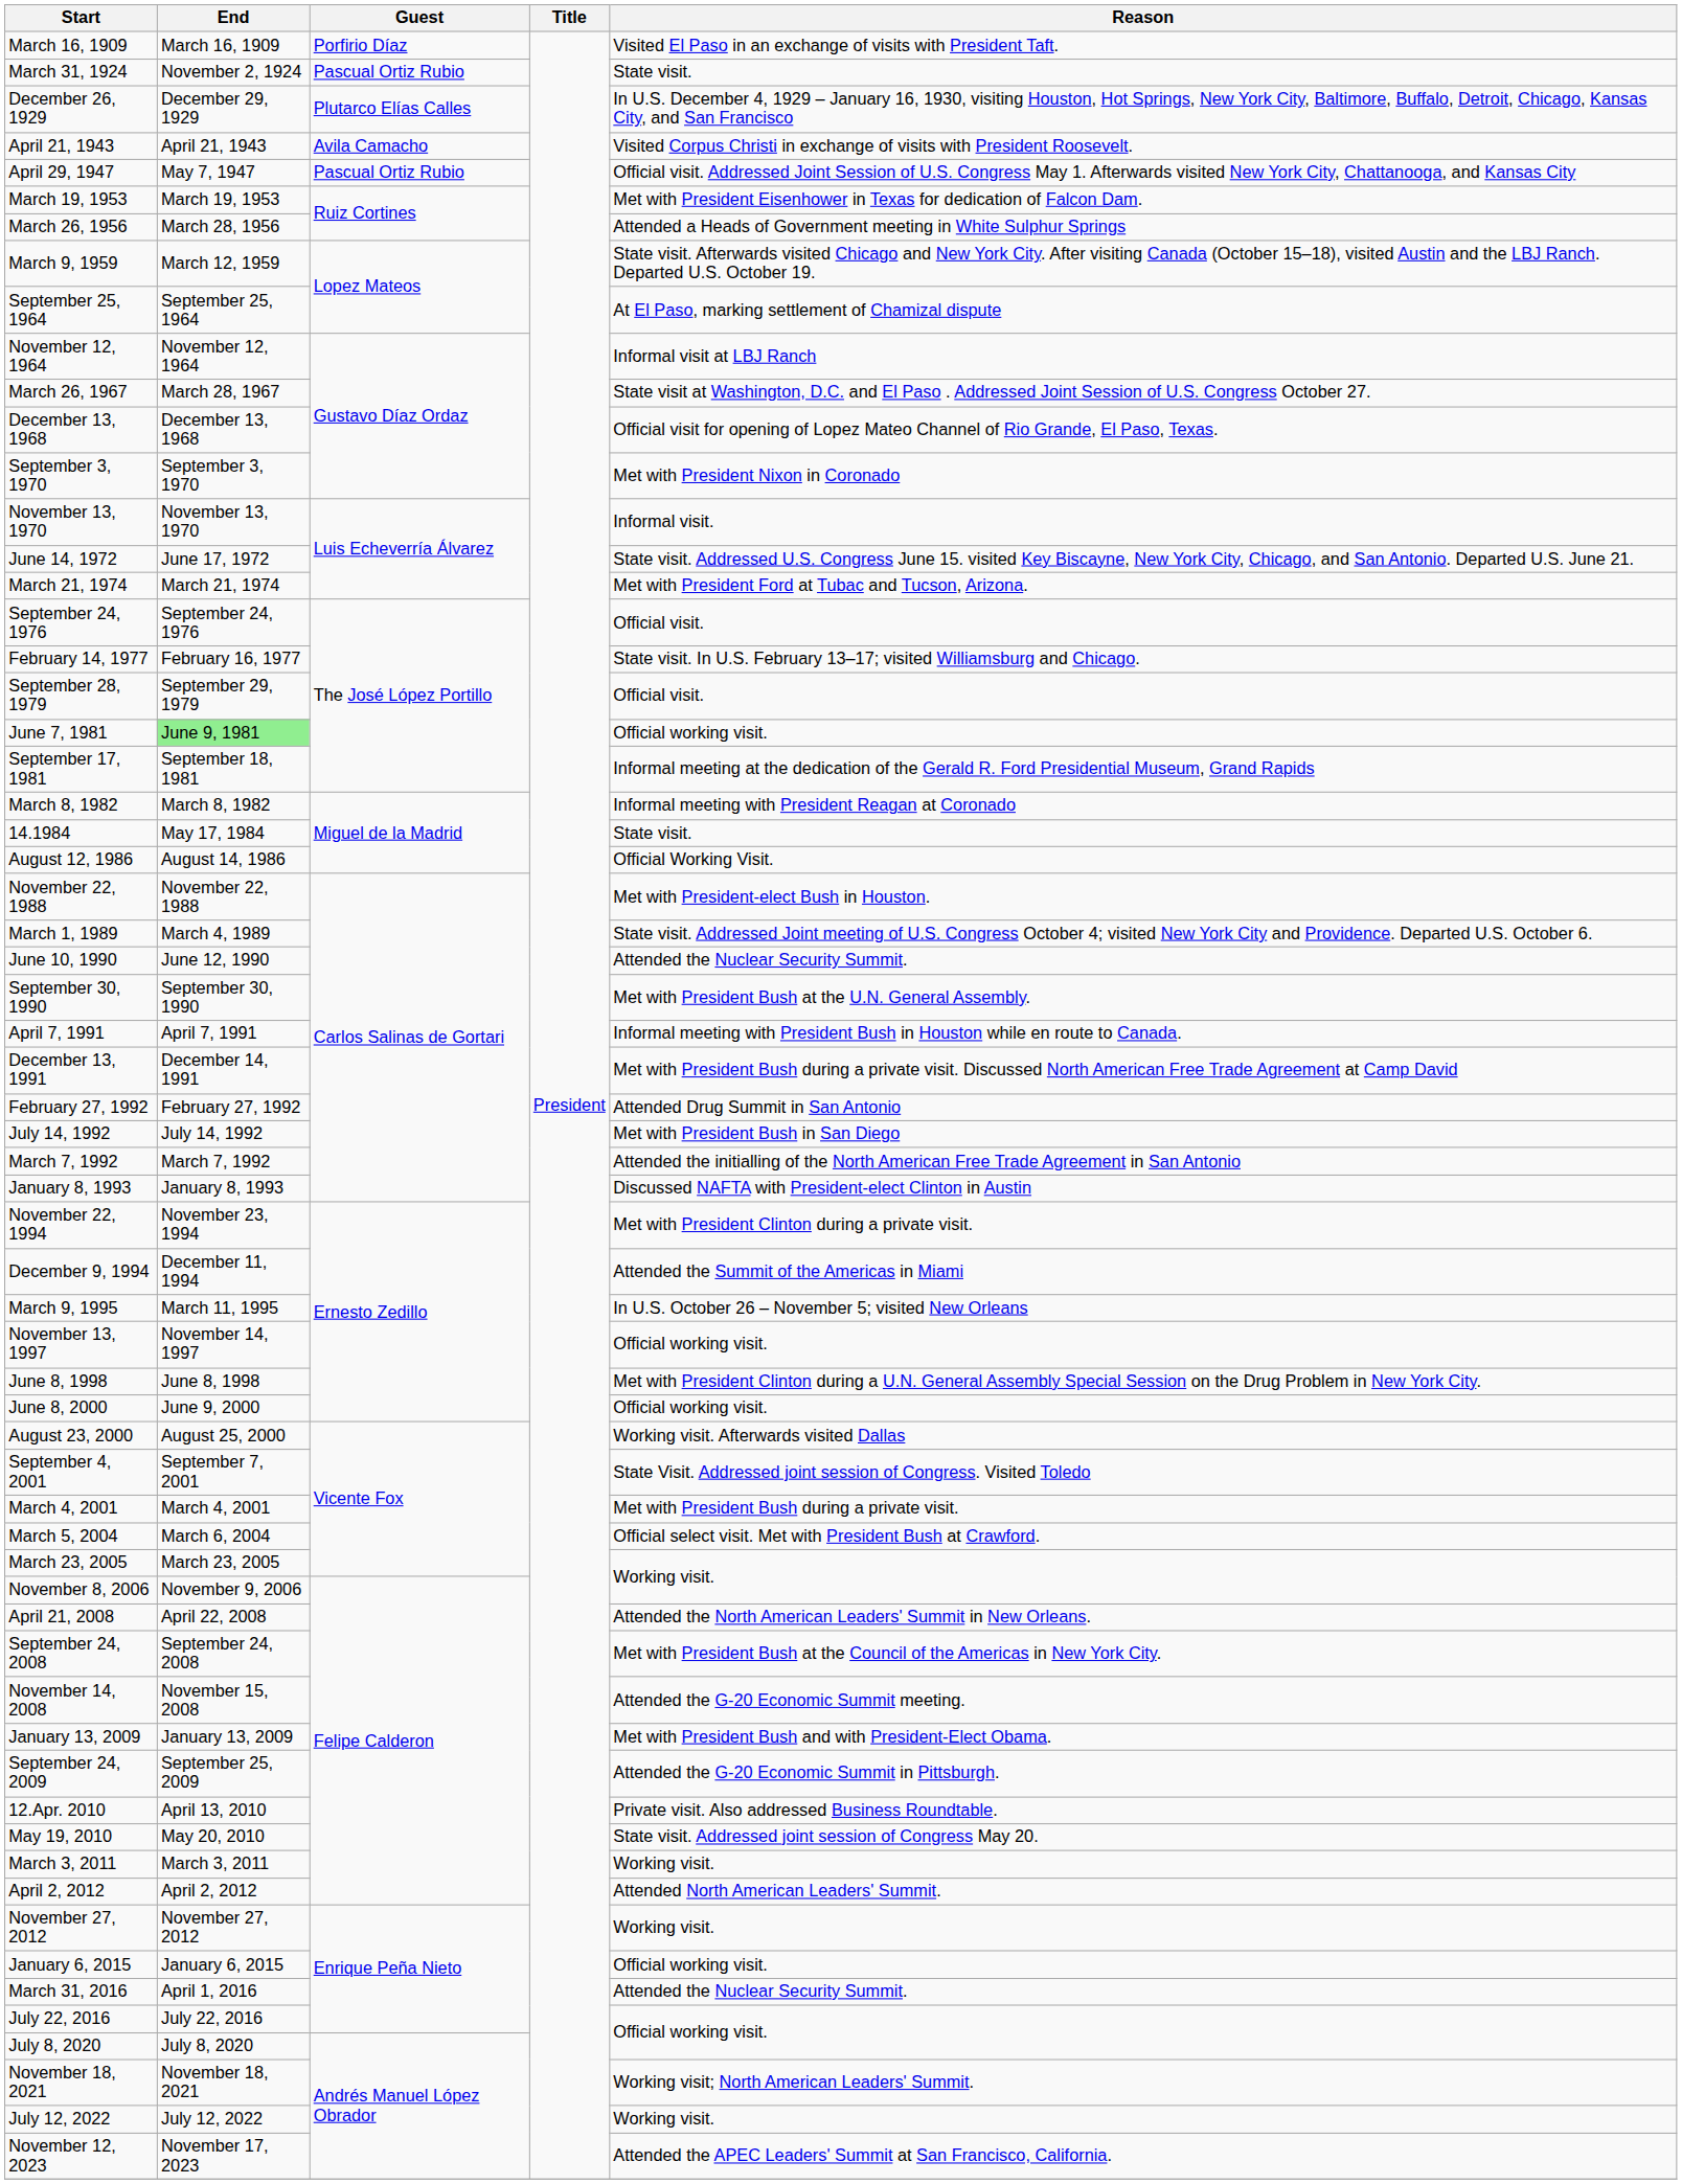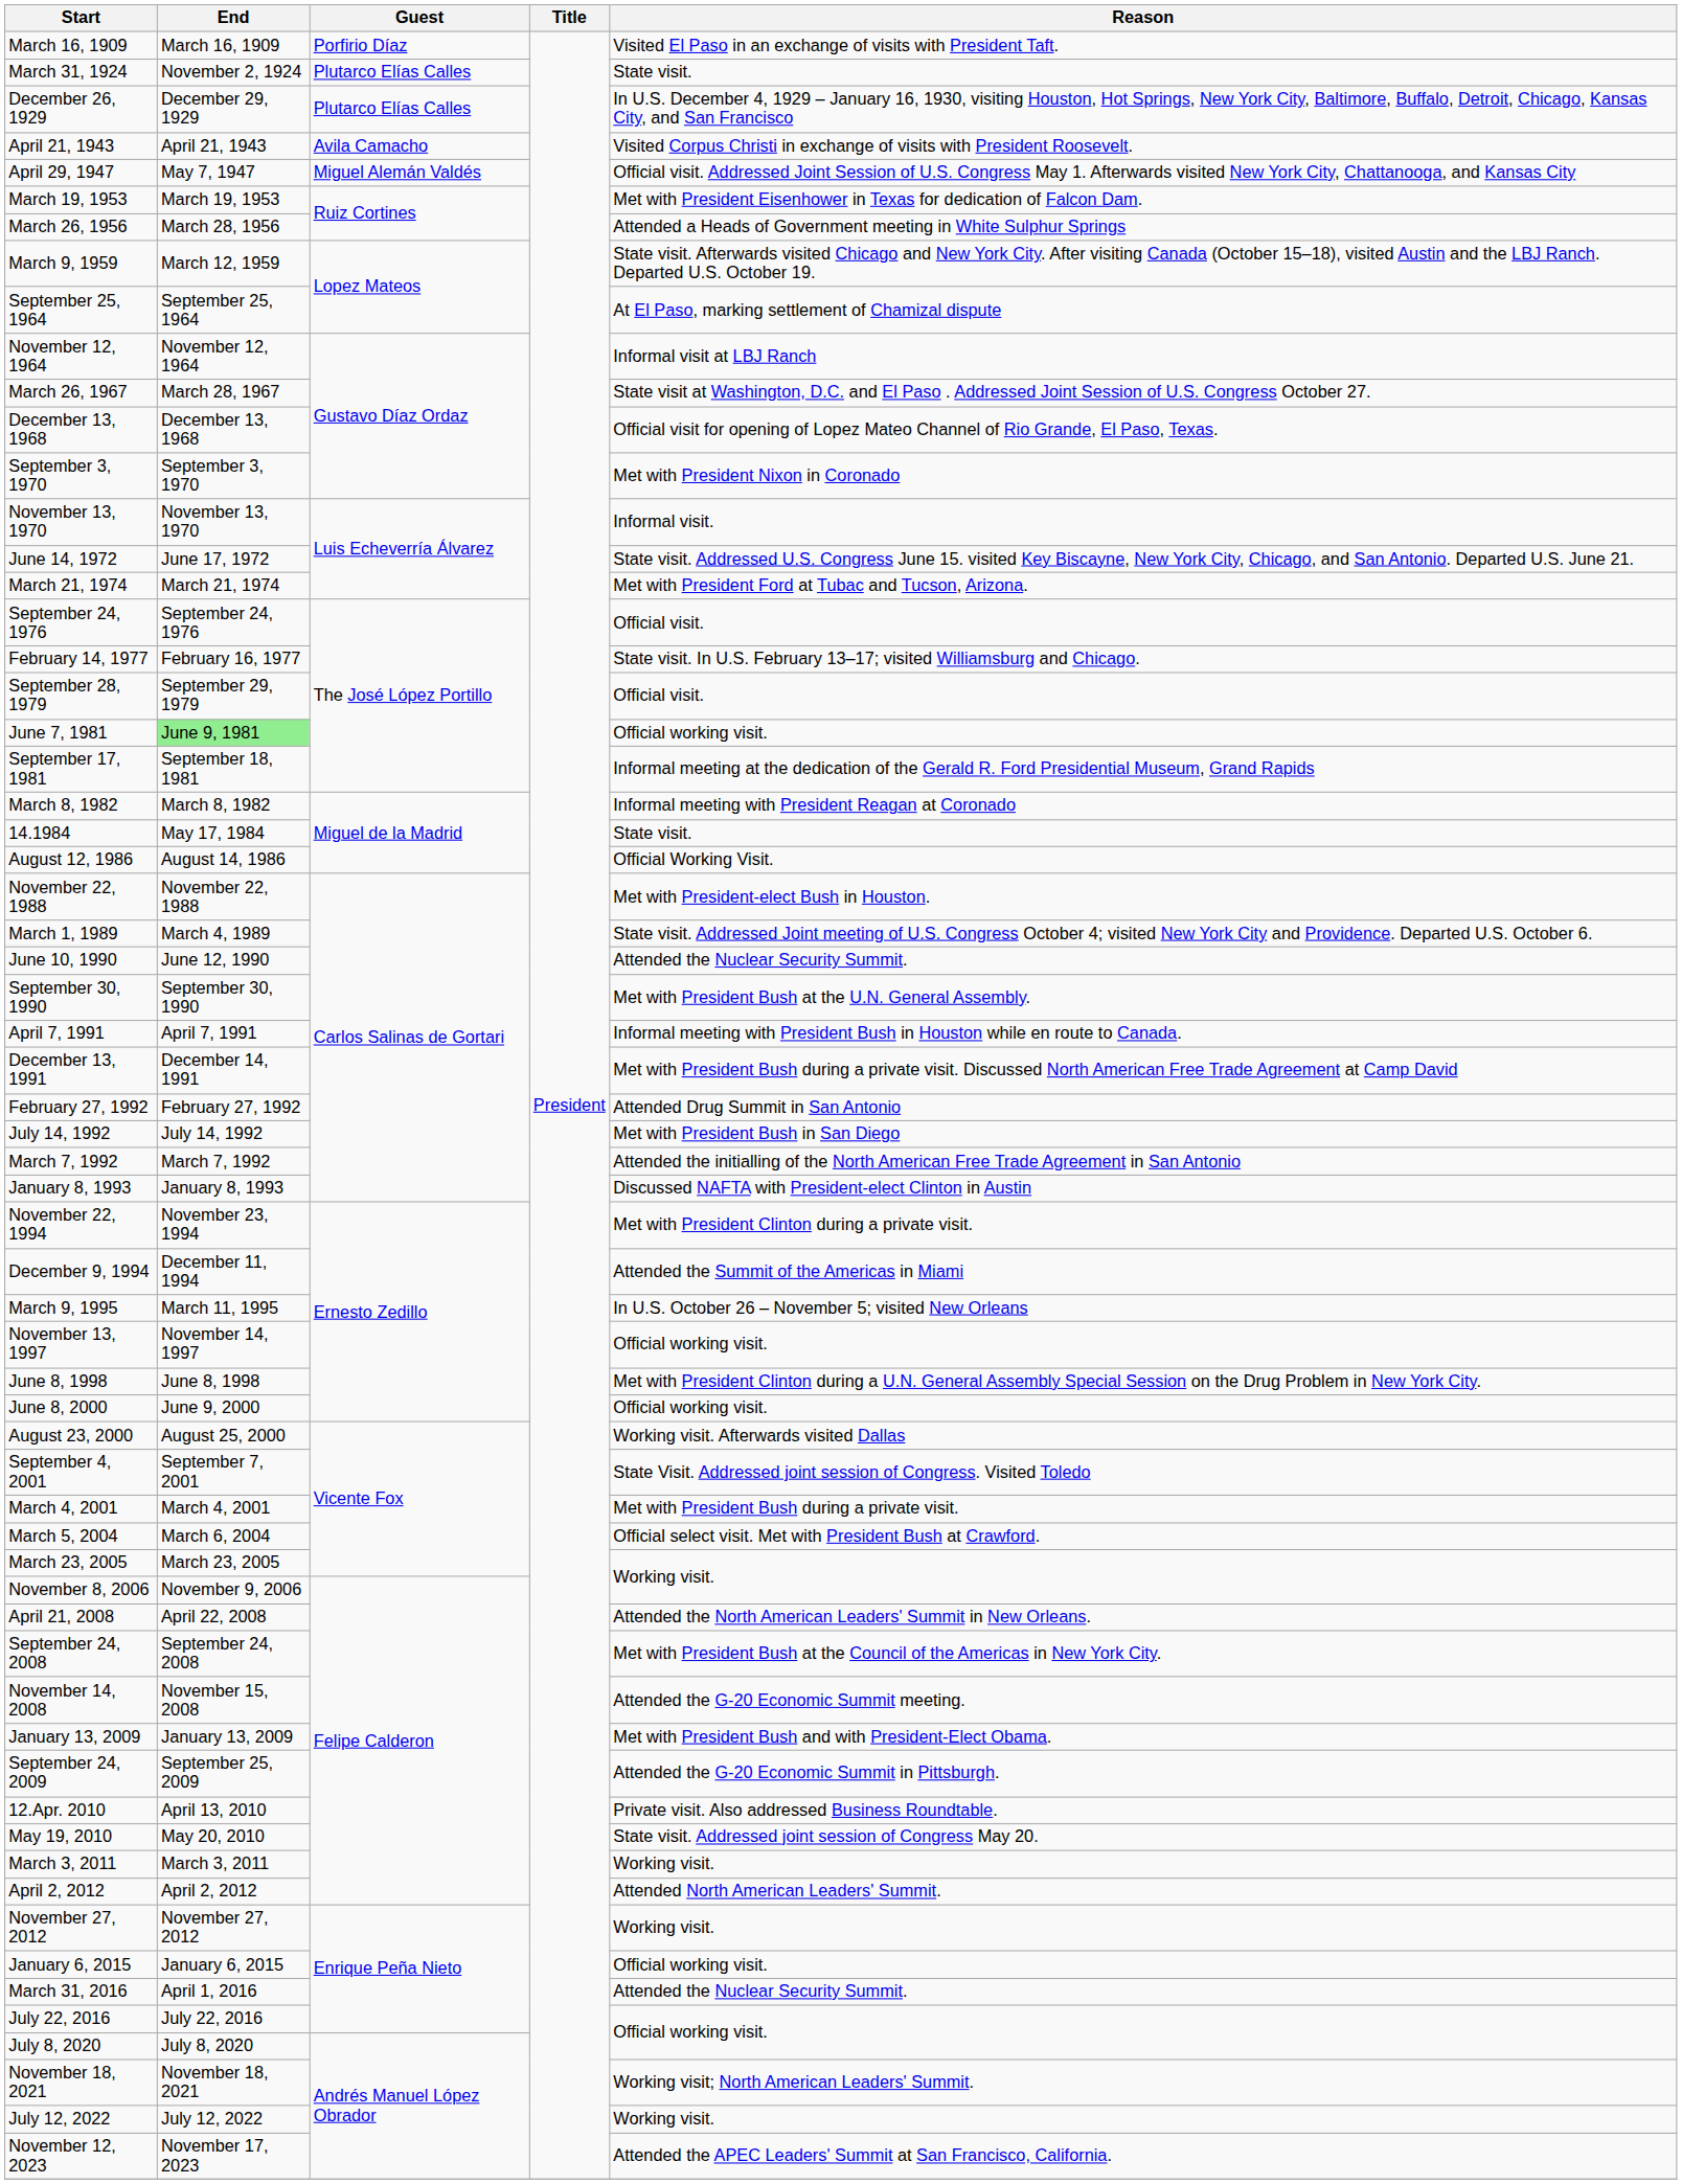 <table class="wikitable sortable">
 <tr>
 <th>Start</th>
 <th>End</th>
 <th>Guest</th>
 <th>Title</th>
 <th>Reason</th>
 </tr>
 <tr>
 <td>March 16, 1909</td>
 <td>March 16, 1909</td>
 <td><a href='#'>Porfirio Díaz</a></td>
 <td rowspan=63><a href='#'>President</a></td>
 <td>Visited <a href='#'>El Paso</a> in an exchange of visits with <a href='#'>President Taft</a>.</td>
 </tr>
 <tr>
 <td>March 31, 1924</td>
 <td>November 2, 1924</td>
-<td><a href='#'>Pascual Ortiz Rubio</a></td>
+<td><a href='#'>Plutarco Elías Calles</a></td>
 <td>State visit.</td>
 </tr>
 <tr>
 <td>December 26, 1929</td>
 <td>December 29, 1929</td>
 <td><a href='#'>Plutarco Elías Calles</a></td>
 <td>In U.S. December 4, 1929 – January 16, 1930, visiting <a href='#'>Houston</a>, <a href='#'>Hot Springs</a>, <a href='#'>New York City</a>, <a href='#'>Baltimore</a>, <a href='#'>Buffalo</a>, <a href='#'>Detroit</a>, <a href='#'>Chicago</a>, <a href='#'>Kansas City</a>, and <a href='#'>San Francisco</a></td>
 </tr>
 <tr>
 <td>April 21, 1943</td>
 <td>April 21, 1943</td>
 <td><a href='#'>Avila Camacho</a></td>
 <td>Visited <a href='#'>Corpus Christi</a> in exchange of visits with <a href='#'>President Roosevelt</a>.</td>
 </tr>
 <tr>
 <td>April 29, 1947</td>
 <td>May 7, 1947</td>
-<td><a href='#'>Pascual Ortiz Rubio</a></td>
+<td><a href='#'>Miguel Alemán Valdés</a></td>
 <td>Official visit. <a href='#'>Addressed Joint Session of U.S. Congress</a> May 1. Afterwards visited <a href='#'>New York City</a>, <a href='#'>Chattanooga</a>, and <a href='#'>Kansas City</a></td>
 </tr>
 <tr>
 <td>March 19, 1953</td>
 <td>March 19, 1953</td>
 <td rowspan=2><a href='#'>Ruiz Cortines</a></td>
 <td>Met with <a href='#'>President Eisenhower</a> in <a href='#'>Texas</a> for dedication of <a href='#'>Falcon Dam</a>.</td>
 </tr>
 <tr>
 <td>March 26, 1956</td>
 <td>March 28, 1956</td>
 <td>Attended a Heads of Government meeting in <a href='#'>White Sulphur Springs</a></td>
 </tr>
 <tr>
 <td>March 9, 1959</td>
 <td>March 12, 1959</td>
 <td rowspan=2><a href='#'>Lopez Mateos</a></td>
 <td>State visit. Afterwards visited <a href='#'>Chicago</a> and <a href='#'>New York City</a>. After visiting <a href='#'>Canada</a> (October 15–18), visited <a href='#'>Austin</a> and the <a href='#'>LBJ Ranch</a>. Departed U.S. October 19.</td>
 </tr>
 <tr>
 <td>September 25, 1964</td>
 <td>September 25, 1964</td>
 <td>At <a href='#'>El Paso</a>, marking settlement of <a href='#'>Chamizal dispute</a></td>
 </tr>
 <tr>
 <td>November 12, 1964</td>
 <td>November 12, 1964</td>
 <td rowspan=4><a href='#'>Gustavo Díaz Ordaz</a></td>
 <td>Informal visit at <a href='#'>LBJ Ranch</a></td>
 </tr>
 <tr>
 <td>March 26, 1967</td>
 <td>March 28, 1967</td>
 <td>State visit at <a href='#'>Washington, D.C.</a> and <a href='#'>El Paso</a> . <a href='#'>Addressed Joint Session of U.S. Congress</a> October 27.</td>
 </tr>
 <tr>
 <td>December 13, 1968</td>
 <td>December 13, 1968</td>
 <td>Official visit for opening of Lopez Mateo Channel of <a href='#'>Rio Grande</a>, <a href='#'>El Paso</a>, <a href='#'>Texas</a>.</td>
 </tr>
 <tr>
 <td>September 3, 1970</td>
 <td>September 3, 1970</td>
 <td>Met with <a href='#'>President Nixon</a> in <a href='#'>Coronado</a></td>
 </tr>
 <tr>
 <td>November 13, 1970</td>
 <td>November 13, 1970</td>
 <td rowspan=3><a href='#'>Luis Echeverría Álvarez</a></td>
 <td>Informal visit.</td>
 </tr>
 <tr>
 <td>June 14, 1972</td>
 <td>June 17, 1972</td>
 <td>State visit. <a href='#'>Addressed U.S. Congress</a> June 15. visited <a href='#'>Key Biscayne</a>, <a href='#'>New York City</a>, <a href='#'>Chicago</a>, and <a href='#'>San Antonio</a>. Departed U.S. June 21.</td>
 </tr>
 <tr>
 <td>March 21, 1974</td>
 <td>March 21, 1974</td>
 <td>Met with <a href='#'>President Ford</a> at <a href='#'>Tubac</a> and <a href='#'>Tucson</a>, <a href='#'>Arizona</a>.</td>
 </tr>
 <tr>
 <td>September 24, 1976</td>
 <td>September 24, 1976</td>
 <td rowspan=5>The <a href='#'>José López Portillo</a></td>
 <td>Official visit.</td>
 </tr>
 <tr>
 <td>February 14, 1977</td>
 <td>February 16, 1977</td>
 <td>State visit. In U.S. February 13–17; visited <a href='#'>Williamsburg</a> and <a href='#'>Chicago</a>.</td>
 </tr>
 <tr>
 <td>September 28, 1979</td>
 <td>September 29, 1979</td>
 <td>Official visit.</td>
 </tr>
 <tr>
 <td>June 7, 1981</td>
 <td style="background: lightgreen;">June 9, 1981</td>
 <td>Official working visit.</td>
 </tr>
 <tr>
 <td>September 17, 1981</td>
 <td>September 18, 1981</td>
 <td>Informal meeting at the dedication of the <a href='#'>Gerald R. Ford Presidential Museum</a>, <a href='#'>Grand Rapids</a></td>
 </tr>
 <tr>
 <td>March 8, 1982</td>
 <td>March 8, 1982</td>
 <td rowspan=3><a href='#'>Miguel de la Madrid</a></td>
 <td>Informal meeting with <a href='#'>President Reagan</a> at <a href='#'>Coronado</a></td>
 </tr>
 <tr>
 <td>14.1984</td>
 <td>May 17, 1984</td>
 <td>State visit.</td>
 </tr>
 <tr>
 <td>August 12, 1986</td>
 <td>August 14, 1986</td>
 <td>Official Working Visit.</td>
 </tr>
 <tr>
 <td>November 22, 1988</td>
 <td>November 22, 1988</td>
 <td rowspan=10><a href='#'>Carlos Salinas de Gortari</a></td>
 <td>Met with <a href='#'>President-elect Bush</a> in <a href='#'>Houston</a>.</td>
 </tr>
 <tr>
 <td>March 1, 1989</td>
 <td>March 4, 1989</td>
 <td>State visit. <a href='#'>Addressed Joint meeting of U.S. Congress</a> October 4; visited <a href='#'>New York City</a> and <a href='#'>Providence</a>. Departed U.S. October 6.</td>
 </tr>
 <tr>
 <td>June 10, 1990</td>
 <td>June 12, 1990</td>
 <td>Attended the <a href='#'>Nuclear Security Summit</a>.</td>
 </tr>
 <tr>
 <td>September 30, 1990</td>
 <td>September 30, 1990</td>
 <td>Met with <a href='#'>President Bush</a> at the <a href='#'>U.N. General Assembly</a>.</td>
 </tr>
 <tr>
 <td>April 7, 1991</td>
 <td>April 7, 1991</td>
 <td>Informal meeting with <a href='#'>President Bush</a> in <a href='#'>Houston</a> while en route to <a href='#'>Canada</a>.</td>
 </tr>
 <tr>
 <td>December 13, 1991</td>
 <td>December 14, 1991</td>
 <td>Met with <a href='#'>President Bush</a> during a private visit. Discussed <a href='#'>North American Free Trade Agreement</a> at <a href='#'>Camp David</a></td>
 </tr>
 <tr>
 <td>February 27, 1992</td>
 <td>February 27, 1992</td>
 <td>Attended Drug Summit in <a href='#'>San Antonio</a></td>
 </tr>
 <tr>
 <td>July 14, 1992</td>
 <td>July 14, 1992</td>
 <td>Met with <a href='#'>President Bush</a> in <a href='#'>San Diego</a></td>
 </tr>
 <tr>
 <td>March 7, 1992</td>
 <td>March 7, 1992</td>
 <td>Attended the initialling of the <a href='#'>North American Free Trade Agreement</a> in <a href='#'>San Antonio</a></td>
 </tr>
 <tr>
 <td>January 8, 1993</td>
 <td>January 8, 1993</td>
 <td>Discussed <a href='#'>NAFTA</a> with <a href='#'>President-elect Clinton</a> in <a href='#'>Austin</a></td>
 </tr>
 <tr>
 <td>November 22, 1994</td>
 <td>November 23, 1994</td>
 <td rowspan=6><a href='#'>Ernesto Zedillo</a></td>
 <td>Met with <a href='#'>President Clinton</a> during a private visit.</td>
 </tr>
 <tr>
 <td>December 9, 1994</td>
 <td>December 11, 1994</td>
 <td>Attended the <a href='#'>Summit of the Americas</a> in <a href='#'>Miami</a></td>
 </tr>
 <tr>
 <td>March 9, 1995</td>
 <td>March 11, 1995</td>
 <td>In U.S. October 26 – November 5; visited <a href='#'>New Orleans</a></td>
 </tr>
 <tr>
 <td>November 13, 1997</td>
 <td>November 14, 1997</td>
 <td>Official working visit.</td>
 </tr>
 <tr>
 <td>June 8, 1998</td>
 <td>June 8, 1998</td>
 <td>Met with <a href='#'>President Clinton</a> during a <a href='#'>U.N. General Assembly Special Session</a> on the Drug Problem in <a href='#'>New York City</a>.</td>
 </tr>
 <tr>
 <td>June 8, 2000</td>
 <td>June 9, 2000</td>
 <td>Official working visit.</td>
 </tr>
 <tr>
 <td>August 23, 2000</td>
 <td>August 25, 2000</td>
 <td rowspan=5><a href='#'>Vicente Fox</a></td>
 <td>Working visit. Afterwards visited <a href='#'>Dallas</a></td>
 </tr>
 <tr>
 <td>September 4, 2001</td>
 <td>September 7, 2001</td>
 <td>State Visit. <a href='#'>Addressed joint session of Congress</a>. Visited <a href='#'>Toledo</a></td>
 </tr>
 <tr>
 <td>March 4, 2001</td>
 <td>March 4, 2001</td>
 <td>Met with <a href='#'>President Bush</a> during a private visit.</td>
 </tr>
 <tr>
 <td>March 5, 2004</td>
 <td>March 6, 2004</td>
 <td>Official select visit. Met with <a href='#'>President Bush</a> at <a href='#'>Crawford</a>.</td>
 </tr>
 <tr>
 <td>March 23, 2005</td>
 <td>March 23, 2005</td>
 <td rowspan=2>Working visit.</td>
 </tr>
 <tr>
 <td>November 8, 2006</td>
 <td>November 9, 2006</td>
 <td rowspan=10><a href='#'>Felipe Calderon</a></td>
 </tr>
 <tr>
 <td>April 21, 2008</td>
 <td>April 22, 2008</td>
 <td>Attended the <a href='#'>North American Leaders' Summit</a> in <a href='#'>New Orleans</a>.</td>
 </tr>
 <tr>
 <td>September 24, 2008</td>
 <td>September 24, 2008</td>
 <td>Met with <a href='#'>President Bush</a> at the <a href='#'>Council of the Americas</a> in <a href='#'>New York City</a>.</td>
 </tr>
 <tr>
 <td>November 14, 2008</td>
 <td>November 15, 2008</td>
 <td>Attended the <a href='#'>G-20 Economic Summit</a> meeting.</td>
 </tr>
 <tr>
 <td>January 13, 2009</td>
 <td>January 13, 2009</td>
 <td>Met with <a href='#'>President Bush</a> and with <a href='#'>President-Elect Obama</a>.</td>
 </tr>
 <tr>
 <td>September 24, 2009</td>
 <td>September 25, 2009</td>
 <td>Attended the <a href='#'>G-20 Economic Summit</a> in <a href='#'>Pittsburgh</a>.</td>
 </tr>
 <tr>
 <td>12.Apr. 2010</td>
 <td>April 13, 2010</td>
 <td>Private visit. Also addressed <a href='#'>Business Roundtable</a>.</td>
 </tr>
 <tr>
 <td>May 19, 2010</td>
 <td>May 20, 2010</td>
 <td>State visit. <a href='#'>Addressed joint session of Congress</a> May 20.</td>
 </tr>
 <tr>
 <td>March 3, 2011</td>
 <td>March 3, 2011</td>
 <td>Working visit.</td>
 </tr>
 <tr>
 <td>April 2, 2012</td>
 <td>April 2, 2012</td>
 <td>Attended <a href='#'>North American Leaders' Summit</a>.</td>
 </tr>
 <tr>
 <td>November 27, 2012</td>
 <td>November 27, 2012</td>
 <td rowspan=4><a href='#'>Enrique Peña Nieto</a></td>
 <td>Working visit.</td>
 </tr>
 <tr>
 <td>January 6, 2015</td>
 <td>January 6, 2015</td>
 <td>Official working visit.</td>
 </tr>
 <tr>
 <td>March 31, 2016</td>
 <td>April 1, 2016</td>
 <td>Attended the <a href='#'>Nuclear Security Summit</a>.</td>
 </tr>
 <tr>
 <td>July 22, 2016</td>
 <td>July 22, 2016</td>
 <td rowspan=2>Official working visit.</td>
 </tr>
 <tr>
 <td>July 8, 2020</td>
 <td>July 8, 2020</td>
 <td rowspan=4><a href='#'>Andrés Manuel López Obrador</a></td>
 </tr>
 <tr>
 <td>November 18, 2021</td>
 <td>November 18, 2021</td>
 <td>Working visit; <a href='#'>North American Leaders' Summit</a>.</td>
 </tr>
 <tr>
 <td>July 12, 2022</td>
 <td>July 12, 2022</td>
 <td>Working visit.</td>
 </tr>
 <tr>
 <td>November 12, 2023</td>
 <td>November 17, 2023</td>
 <td>Attended the <a href='#'>APEC Leaders' Summit</a> at <a href='#'>San Francisco, California</a>.</td>
 </tr>
 <tr>
 </tr>
 </table>
